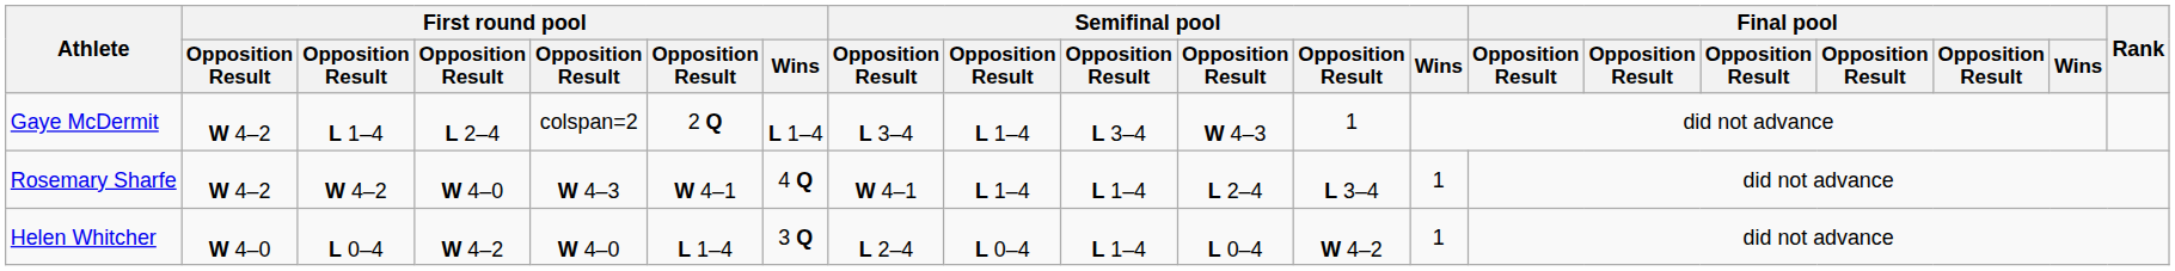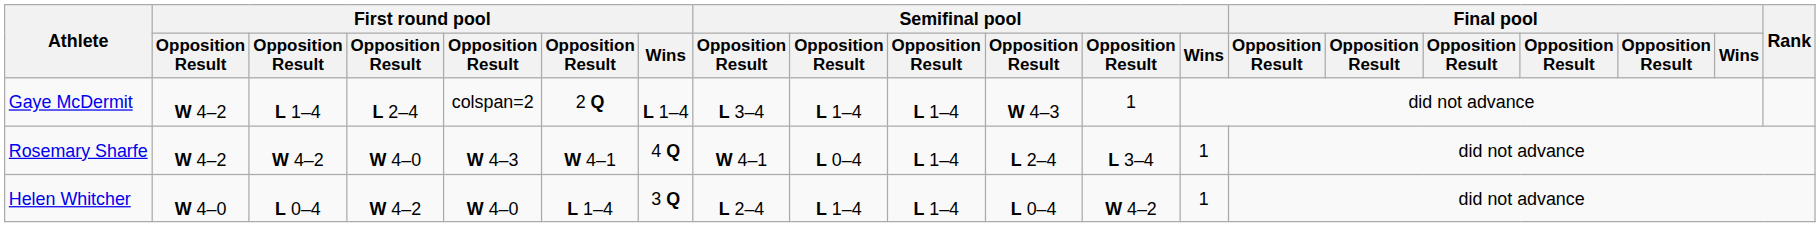 <table class=wikitable style="font-size:90%;text-align:center">
 <tr>
 <th rowspan="2">Athlete</th>
 <th colspan=6>First round pool</th>
 <th colspan=6>Semifinal pool</th>
 <th colspan=6>Final pool</th>
 <th rowspan=2>Rank</th>
 </tr>
 <tr style="font-size:95%">
 <th>Opposition<br>Result</th>
 <th>Opposition<br>Result</th>
 <th>Opposition<br>Result</th>
 <th>Opposition<br>Result</th>
 <th>Opposition<br>Result</th>
 <th>Wins</th>
 <th>Opposition<br>Result</th>
 <th>Opposition<br>Result</th>
 <th>Opposition<br>Result</th>
 <th>Opposition<br>Result</th>
 <th>Opposition<br>Result</th>
 <th>Wins</th>
 <th>Opposition<br>Result</th>
 <th>Opposition<br>Result</th>
 <th>Opposition<br>Result</th>
 <th>Opposition<br>Result</th>
 <th>Opposition<br>Result</th>
 <th>Wins</th>
 </tr>
 <tr>
 <td style="text-align:left;"><a href='#'>Gaye McDermit</a></td>
 <td><br><strong>W</strong> 4–2</td>
 <td><br><strong>L</strong> 1–4</td>
 <td><br><strong>L</strong> 2–4</td>
 <td>colspan=2 </td>
 <td>2 <strong>Q</strong></td>
 <td><br><strong>L</strong> 1–4</td>
 <td><br><strong>L</strong> 3–4</td>
 <td><br><strong>L</strong> 1–4</td>
-<td><br><strong>L</strong> 3–4</td>
+<td><br><strong>L</strong> 1–4</td>
 <td><br><strong>W</strong> 4–3</td>
 <td>1</td>
 <td colspan=7>did not advance</td>
 </tr>
 <tr>
 <td style="text-align:left;"><a href='#'>Rosemary Sharfe</a></td>
 <td><br><strong>W</strong> 4–2</td>
 <td><br><strong>W</strong> 4–2</td>
 <td><br><strong>W</strong> 4–0</td>
 <td><br><strong>W</strong> 4–3</td>
 <td><br><strong>W</strong> 4–1</td>
 <td>4 <strong>Q</strong></td>
 <td><br><strong>W</strong> 4–1</td>
-<td><br><strong>L</strong> 1–4</td>
+<td><br><strong>L</strong> 0–4</td>
 <td><br><strong>L</strong> 1–4</td>
 <td><br><strong>L</strong> 2–4</td>
 <td><br><strong>L</strong> 3–4</td>
 <td>1</td>
 <td colspan=7>did not advance</td>
 </tr>
 <tr>
 <td style="text-align:left;"><a href='#'>Helen Whitcher</a></td>
 <td><br><strong>W</strong> 4–0</td>
 <td><br><strong>L</strong> 0–4</td>
 <td><br><strong>W</strong> 4–2</td>
 <td><br><strong>W</strong> 4–0</td>
 <td><br><strong>L</strong> 1–4</td>
 <td>3 <strong>Q</strong></td>
 <td><br><strong>L</strong> 2–4</td>
-<td><br><strong>L</strong> 0–4</td>
+<td><br><strong>L</strong> 1–4</td>
 <td><br><strong>L</strong> 1–4</td>
 <td><br><strong>L</strong> 0–4</td>
 <td><br><strong>W</strong> 4–2</td>
 <td>1</td>
 <td colspan=7>did not advance</td>
 </tr>
 </table>
